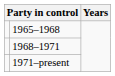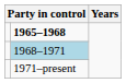 <table class="wikitable">
 <tr>
 <th colspan="2">Party in control</th>
 <th>Years</th>
 </tr>
 <tr>
 <td></td>
-<td>1965–1968</td>
+<td><strong>1965–1968</strong></td>
 </tr>
 <tr>
 <td></td>
-<td>1968–1971</td>
+<td style="background: lightblue;">1968–1971</td>
 </tr>
 <tr>
 <td></td>
 <td>1971–present</td>
 </tr>
 </table>
